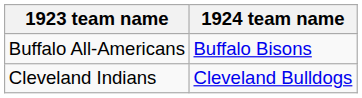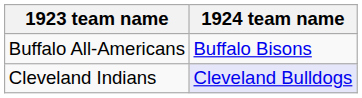 <table class="wikitable">
 <tr>
 <th>1923 team name</th>
 <th>1924 team name</th>
 </tr>
 <tr>
 <td>Buffalo All-Americans</td>
 <td><a href='#'>Buffalo Bisons</a></td>
 </tr>
 <tr>
 <td>Cleveland Indians</td>
-<td><a href='#'>Cleveland Bulldogs</a></td>
+<td style="background: lavender;"><a href='#'>Cleveland Bulldogs</a></td>
 </tr>
 </table>
